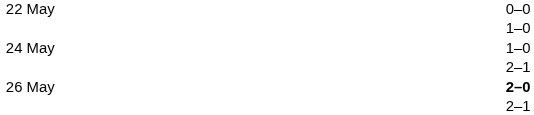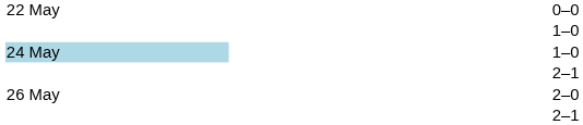 <table cellspacing=1 width=70%>
 <tr>
 <th width=25%></th>
 <th width=30%></th>
 <th width=15%></th>
 <th width=30%></th>
 </tr>
 <tr>
 <td>22 May</td>
 <td align=right></td>
 <td align=center>0–0</td>
 <td></td>
 </tr>
 <tr>
 <td></td>
 <td align=right></td>
 <td align=center>1–0</td>
 <td></td>
 </tr>
 <tr>
-<td>24 May</td>
+<td style="background: lightblue;">24 May</td>
 <td align=right></td>
 <td align=center>1–0</td>
 <td></td>
 </tr>
 <tr>
 <td></td>
 <td align=right></td>
 <td align=center>2–1</td>
 <td></td>
 </tr>
 <tr>
 <td>26 May</td>
 <td align=right></td>
-<td align=center><strong>2–0</strong></td>
+<td align=center>2–0</td>
 <td></td>
 </tr>
 <tr>
 <td></td>
 <td align=right></td>
 <td align=center>2–1</td>
 <td></td>
 </tr>
 </table>
